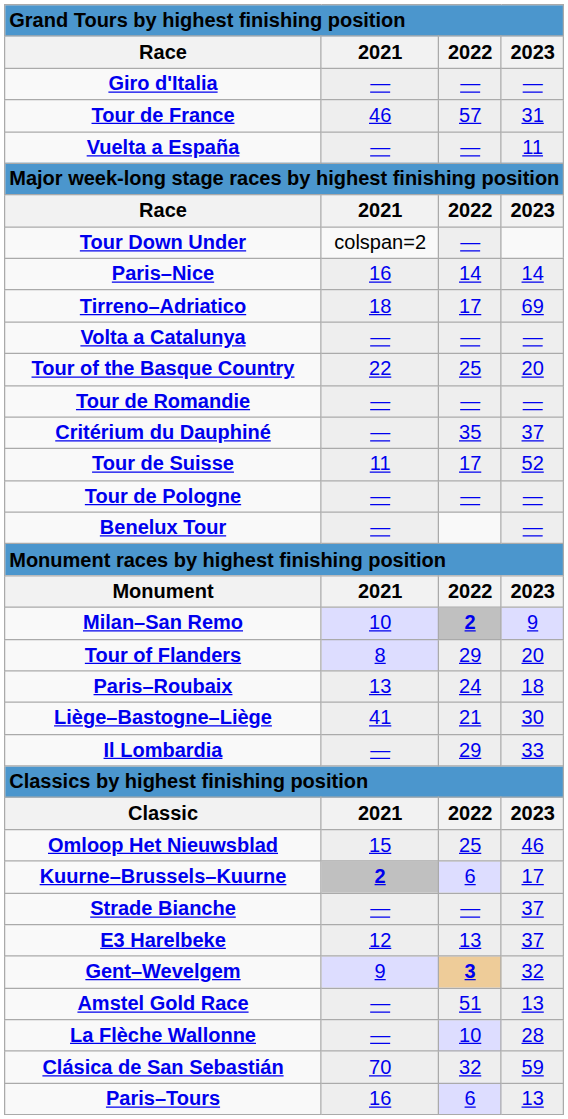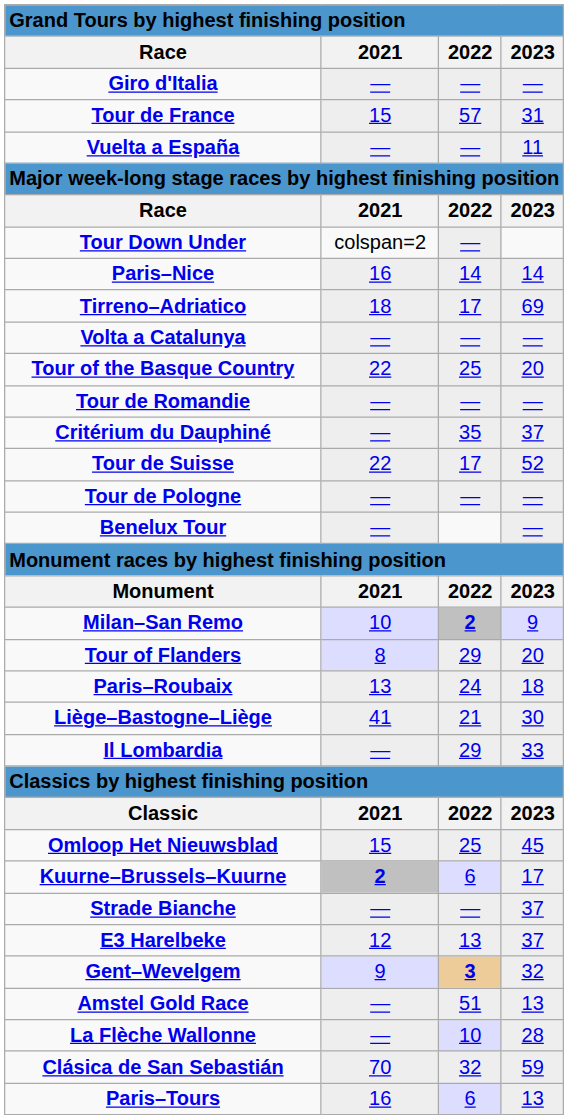 <table class="wikitable">
 <tr style="background:#eee;">
 <td style="background:#4B96CD;" colspan=25><strong>Grand Tours by highest finishing position</strong></td>
 </tr>
 <tr>
 <th>Race</th>
 <th>2021</th>
 <th>2022</th>
 <th>2023</th>
 </tr>
 <tr align="center">
 <td><strong><a href='#'>Giro d'Italia</a></strong></td>
 <td style="background:#eee;"><a href='#'>—</a></td>
 <td style="background:#eee;"><a href='#'>—</a></td>
 <td style="background:#eee;"><a href='#'>—</a></td>
 </tr>
 <tr align="center">
 <td><strong><a href='#'>Tour de France</a></strong></td>
-<td style="background:#eee;"><a href='#'>46</a></td>
+<td style="background:#eee;"><a href='#'>15</a></td>
 <td style="background:#eee;"><a href='#'>57</a></td>
 <td style="background:#eee;"><a href='#'>31</a></td>
 </tr>
 <tr align="center">
 <td><strong><a href='#'>Vuelta a España</a></strong></td>
 <td style="background:#eee;"><a href='#'>—</a></td>
 <td style="background:#eee;"><a href='#'>—</a></td>
 <td style="background:#eee;"><a href='#'>11</a></td>
 </tr>
 <tr>
 <td style="background:#4B96CD;" colspan=25><strong>Major week-long stage races by highest finishing position</strong></td>
 </tr>
 <tr>
 <th>Race</th>
 <th>2021</th>
 <th>2022</th>
 <th>2023</th>
 </tr>
 <tr align="center">
 <td><strong><a href='#'>Tour Down Under</a></strong></td>
 <td>colspan=2 </td>
 <td style="background:#eee;"><a href='#'>—</a></td>
 </tr>
 <tr align="center">
 <td><strong><a href='#'>Paris–Nice</a></strong></td>
 <td style="background:#eee;"><a href='#'>16</a></td>
 <td style="background:#eee;"><a href='#'>14</a></td>
 <td style="background:#eee;"><a href='#'>14</a></td>
 </tr>
 <tr align="center">
 <td><strong><a href='#'>Tirreno–Adriatico</a></strong></td>
 <td style="background:#eee;"><a href='#'>18</a></td>
 <td style="background:#eee;"><a href='#'>17</a></td>
 <td style="background:#eee;"><a href='#'>69</a></td>
 </tr>
 <tr align="center">
 <td><strong><a href='#'>Volta a Catalunya</a></strong></td>
 <td style="background:#eee;"><a href='#'>—</a></td>
 <td style="background:#eee;"><a href='#'>—</a></td>
 <td style="background:#eee;"><a href='#'>—</a></td>
 </tr>
 <tr align="center">
 <td><strong><a href='#'>Tour of the Basque Country</a></strong></td>
 <td style="background:#eee;"><a href='#'>22</a></td>
 <td style="background:#eee;"><a href='#'>25</a></td>
 <td style="background:#eee;"><a href='#'>20</a></td>
 </tr>
 <tr align="center">
 <td><strong><a href='#'>Tour de Romandie</a></strong></td>
 <td style="background:#eee;"><a href='#'>—</a></td>
 <td style="background:#eee;"><a href='#'>—</a></td>
 <td style="background:#eee;"><a href='#'>—</a></td>
 </tr>
 <tr align="center">
 <td><strong><a href='#'>Critérium du Dauphiné</a></strong></td>
 <td style="background:#eee;"><a href='#'>—</a></td>
 <td style="background:#eee;"><a href='#'>35</a></td>
 <td style="background:#eee;"><a href='#'>37</a></td>
 </tr>
 <tr align="center">
 <td><strong><a href='#'>Tour de Suisse</a></strong></td>
-<td style="background:#eee;"><a href='#'>11</a></td>
+<td style="background:#eee;"><a href='#'>22</a></td>
 <td style="background:#eee;"><a href='#'>17</a></td>
 <td style="background:#eee;"><a href='#'>52</a></td>
 </tr>
 <tr align="center">
 <td><strong><a href='#'>Tour de Pologne</a></strong></td>
 <td style="background:#eee;"><a href='#'>—</a></td>
 <td style="background:#eee;"><a href='#'>—</a></td>
 <td style="background:#eee;"><a href='#'>—</a></td>
 </tr>
 <tr align="center">
 <td><strong><a href='#'>Benelux Tour</a></strong></td>
 <td style="background:#eee;"><a href='#'>—</a></td>
 <td></td>
 <td style="background:#eee;"><a href='#'>—</a></td>
 </tr>
 <tr>
 <td style="background:#4B96CD;" colspan=25><strong>Monument races by highest finishing position</strong></td>
 </tr>
 <tr>
 <th>Monument</th>
 <th>2021</th>
 <th>2022</th>
 <th>2023</th>
 </tr>
 <tr align="center">
 <td><strong><a href='#'>Milan–San Remo</a></strong></td>
 <td style="background:#ddf;"><a href='#'>10</a></td>
 <td style="background:silver;"><a href='#'><strong>2</strong></a></td>
 <td style="background:#ddf;"><a href='#'>9</a></td>
 </tr>
 <tr align="center">
 <td><strong><a href='#'>Tour of Flanders</a></strong></td>
 <td style="background:#ddf;"><a href='#'>8</a></td>
 <td style="background:#eee;"><a href='#'>29</a></td>
 <td style="background:#eee;"><a href='#'>20</a></td>
 </tr>
 <tr align="center">
 <td><strong><a href='#'>Paris–Roubaix</a></strong></td>
 <td style="background:#eee;"><a href='#'>13</a></td>
 <td style="background:#eee;"><a href='#'>24</a></td>
 <td style="background:#eee;"><a href='#'>18</a></td>
 </tr>
 <tr align="center">
 <td><strong><a href='#'>Liège–Bastogne–Liège</a></strong></td>
 <td style="background:#eee;"><a href='#'>41</a></td>
 <td style="background:#eee;"><a href='#'>21</a></td>
 <td style="background:#eee;"><a href='#'>30</a></td>
 </tr>
 <tr align="center">
 <td><strong><a href='#'>Il Lombardia</a></strong></td>
 <td style="background:#eee;"><a href='#'>—</a></td>
 <td style="background:#eee;"><a href='#'>29</a></td>
 <td style="background:#eee;"><a href='#'>33</a></td>
 </tr>
 <tr>
 <td style="background:#4B96CD;" colspan=25><strong>Classics by highest finishing position</strong></td>
 </tr>
 <tr>
 <th>Classic</th>
 <th>2021</th>
 <th>2022</th>
 <th>2023</th>
 </tr>
 <tr align="center">
 <td><strong><a href='#'>Omloop Het Nieuwsblad</a></strong></td>
 <td style="background:#eee;"><a href='#'>15</a></td>
 <td style="background:#eee;"><a href='#'>25</a></td>
-<td style="background:#eee;"><a href='#'>46</a></td>
+<td style="background:#eee;"><a href='#'>45</a></td>
 </tr>
 <tr align="center">
 <td><strong><a href='#'>Kuurne–Brussels–Kuurne</a></strong></td>
 <td style="background:silver;"><a href='#'><strong>2</strong></a></td>
 <td style="background:#ddf;"><a href='#'>6</a></td>
 <td style="background:#eee;"><a href='#'>17</a></td>
 </tr>
 <tr align="center">
 <td><strong><a href='#'>Strade Bianche</a></strong></td>
 <td style="background:#eee;"><a href='#'>—</a></td>
 <td style="background:#eee;"><a href='#'>—</a></td>
 <td style="background:#eee;"><a href='#'>37</a></td>
 </tr>
 <tr align="center">
 <td><strong><a href='#'>E3 Harelbeke</a></strong></td>
 <td style="background:#eee;"><a href='#'>12</a></td>
 <td style="background:#eee;"><a href='#'>13</a></td>
 <td style="background:#eee;"><a href='#'>37</a></td>
 </tr>
 <tr align="center">
 <td><strong><a href='#'>Gent–Wevelgem</a></strong></td>
 <td style="background:#ddf;"><a href='#'>9</a></td>
 <td style="background:#ec9;"><a href='#'><strong>3</strong></a></td>
 <td style="background:#eee;"><a href='#'>32</a></td>
 </tr>
 <tr align="center">
 <td><strong><a href='#'>Amstel Gold Race</a></strong></td>
 <td style="background:#eee;"><a href='#'>—</a></td>
 <td style="background:#eee;"><a href='#'>51</a></td>
 <td style="background:#eee;"><a href='#'>13</a></td>
 </tr>
 <tr align="center">
 <td><strong><a href='#'>La Flèche Wallonne</a></strong></td>
 <td style="background:#eee;"><a href='#'>—</a></td>
 <td style="background:#ddf;"><a href='#'>10</a></td>
 <td style="background:#eee;"><a href='#'>28</a></td>
 </tr>
 <tr align="center">
 <td><strong><a href='#'>Clásica de San Sebastián</a></strong></td>
 <td style="background:#eee;"><a href='#'>70</a></td>
 <td style="background:#eee;"><a href='#'>32</a></td>
 <td style="background:#eee;"><a href='#'>59</a></td>
 </tr>
 <tr align="center">
 <td><strong><a href='#'>Paris–Tours</a></strong></td>
 <td style="background:#eee;"><a href='#'>16</a></td>
 <td style="background:#ddf;"><a href='#'>6</a></td>
 <td style="background:#eee;"><a href='#'>13</a></td>
 </tr>
 </table>
